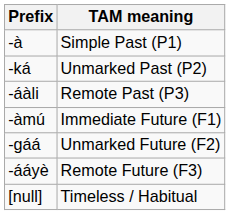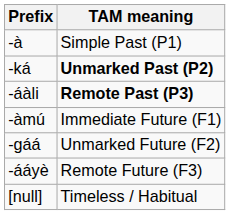 <table class="wikitable">
 <tr>
 <th>Prefix</th>
 <th>TAM meaning</th>
 </tr>
 <tr>
 <td>-à</td>
 <td>Simple Past (P1)</td>
 </tr>
 <tr>
 <td>-ká</td>
-<td>Unmarked Past (P2)</td>
+<td><strong>Unmarked Past (P2)</strong></td>
 </tr>
 <tr>
 <td>-áàli</td>
-<td>Remote Past (P3)</td>
+<td><strong>Remote Past (P3)</strong></td>
 </tr>
 <tr>
 <td>-àmú</td>
 <td>Immediate Future (F1)</td>
 </tr>
 <tr>
 <td>-gáá</td>
 <td>Unmarked Future (F2)</td>
 </tr>
 <tr>
 <td>-ááyè</td>
 <td>Remote Future (F3)</td>
 </tr>
 <tr>
 <td>[null]</td>
 <td>Timeless / Habitual</td>
 </tr>
 </table>
